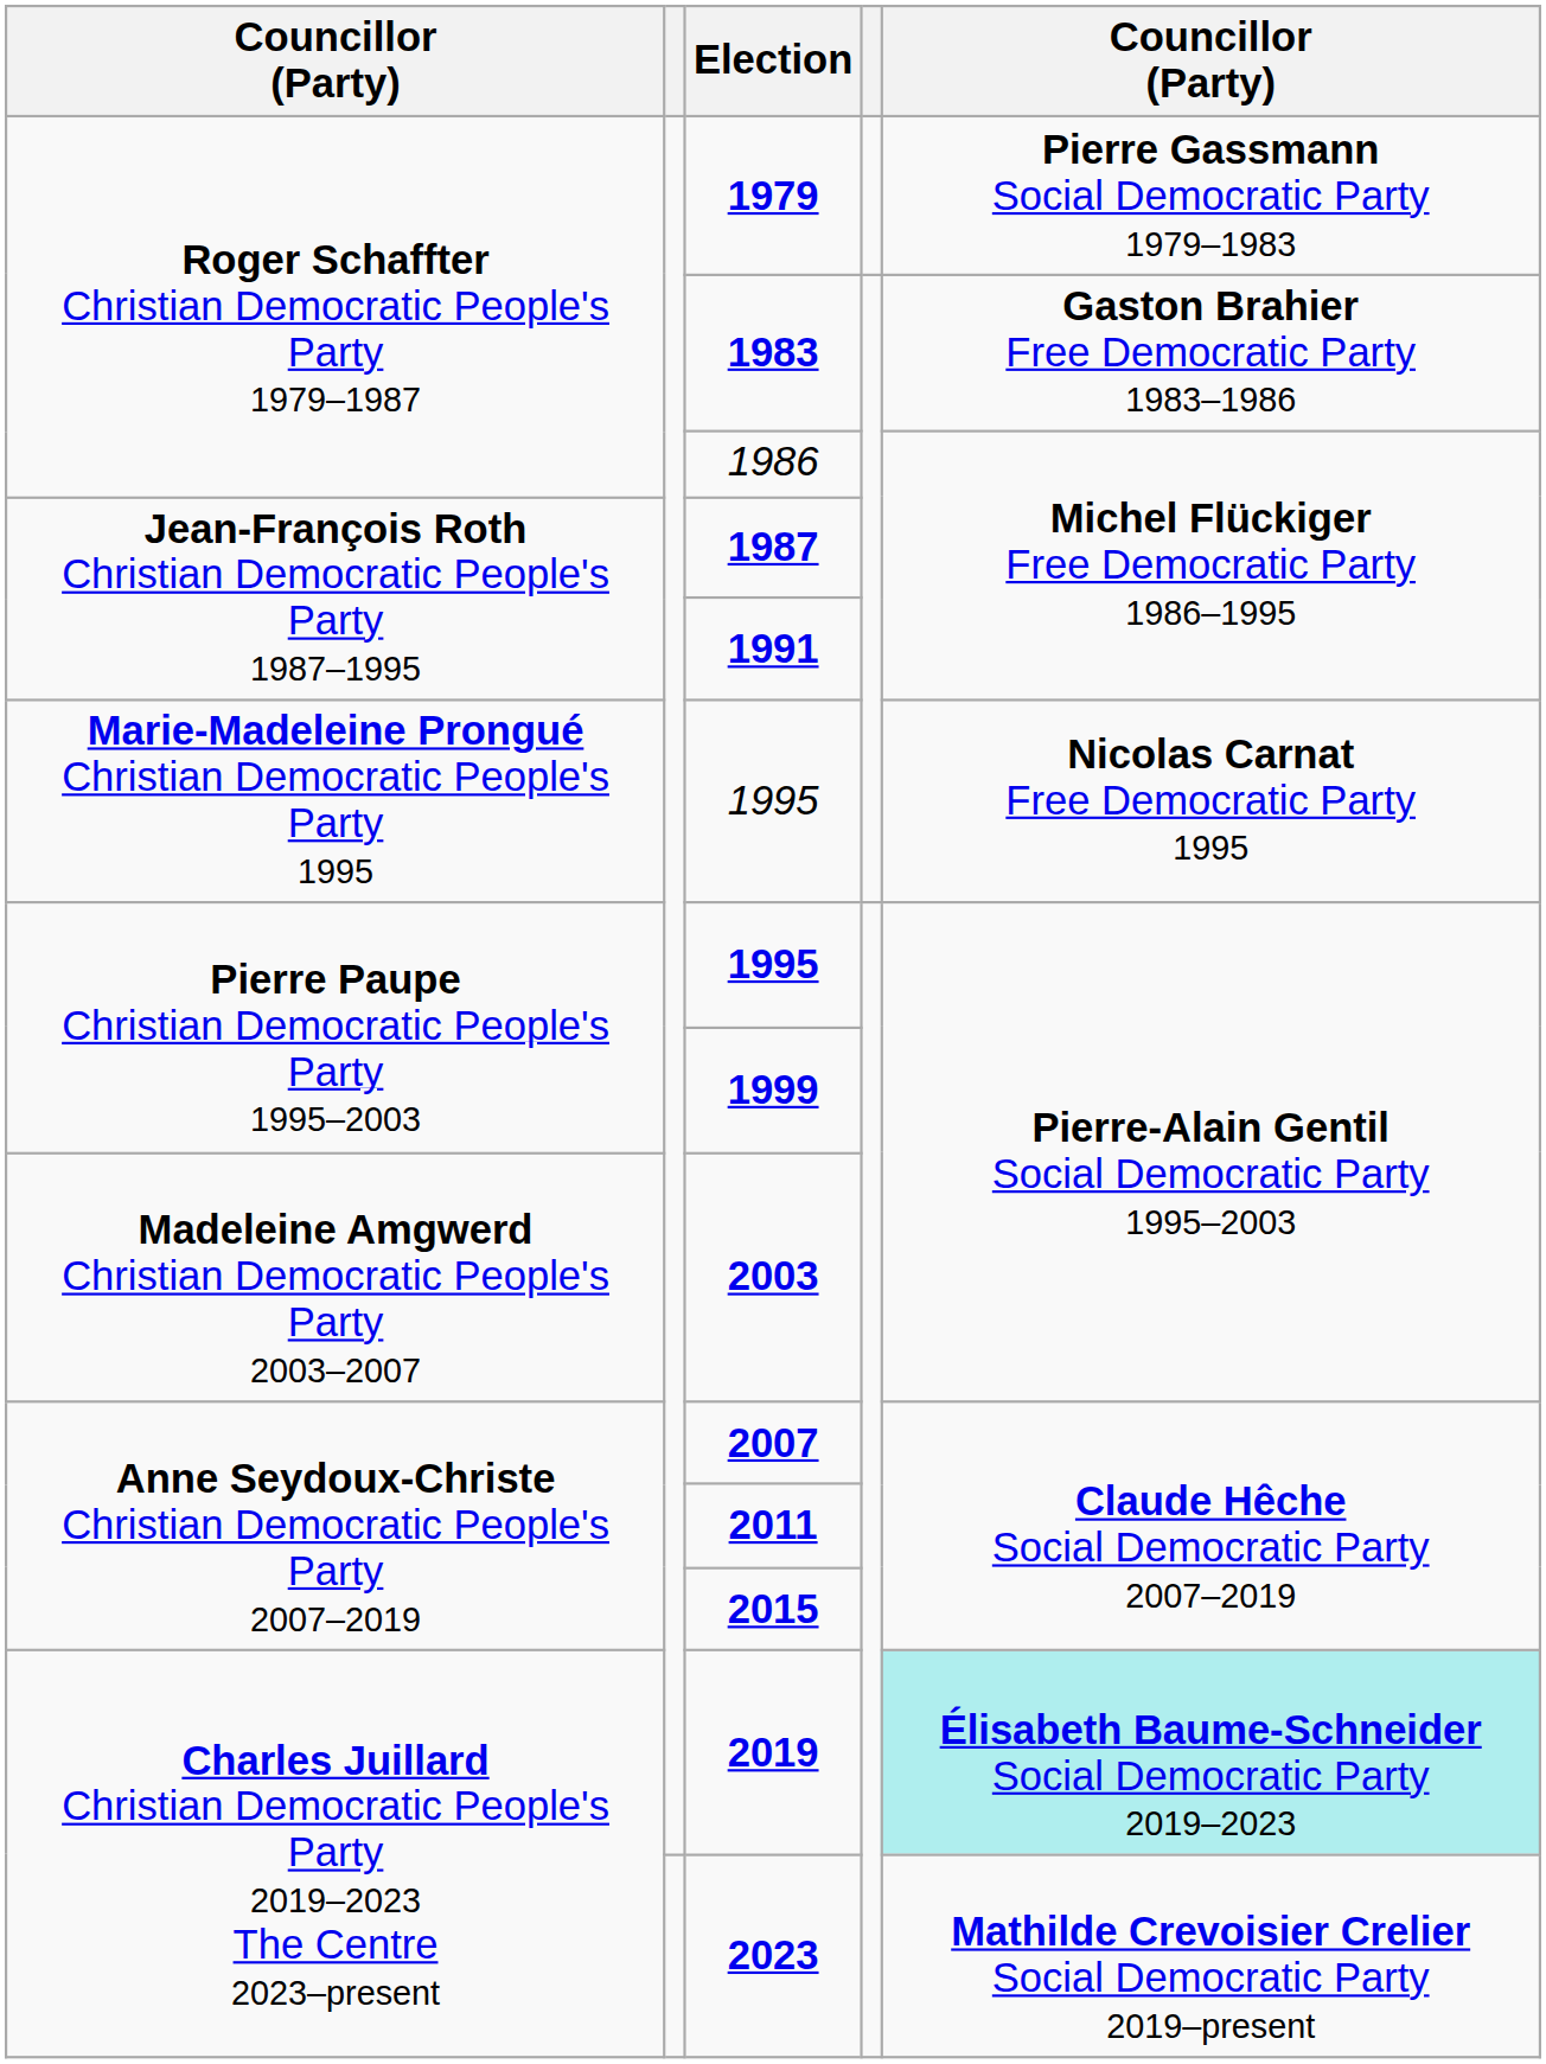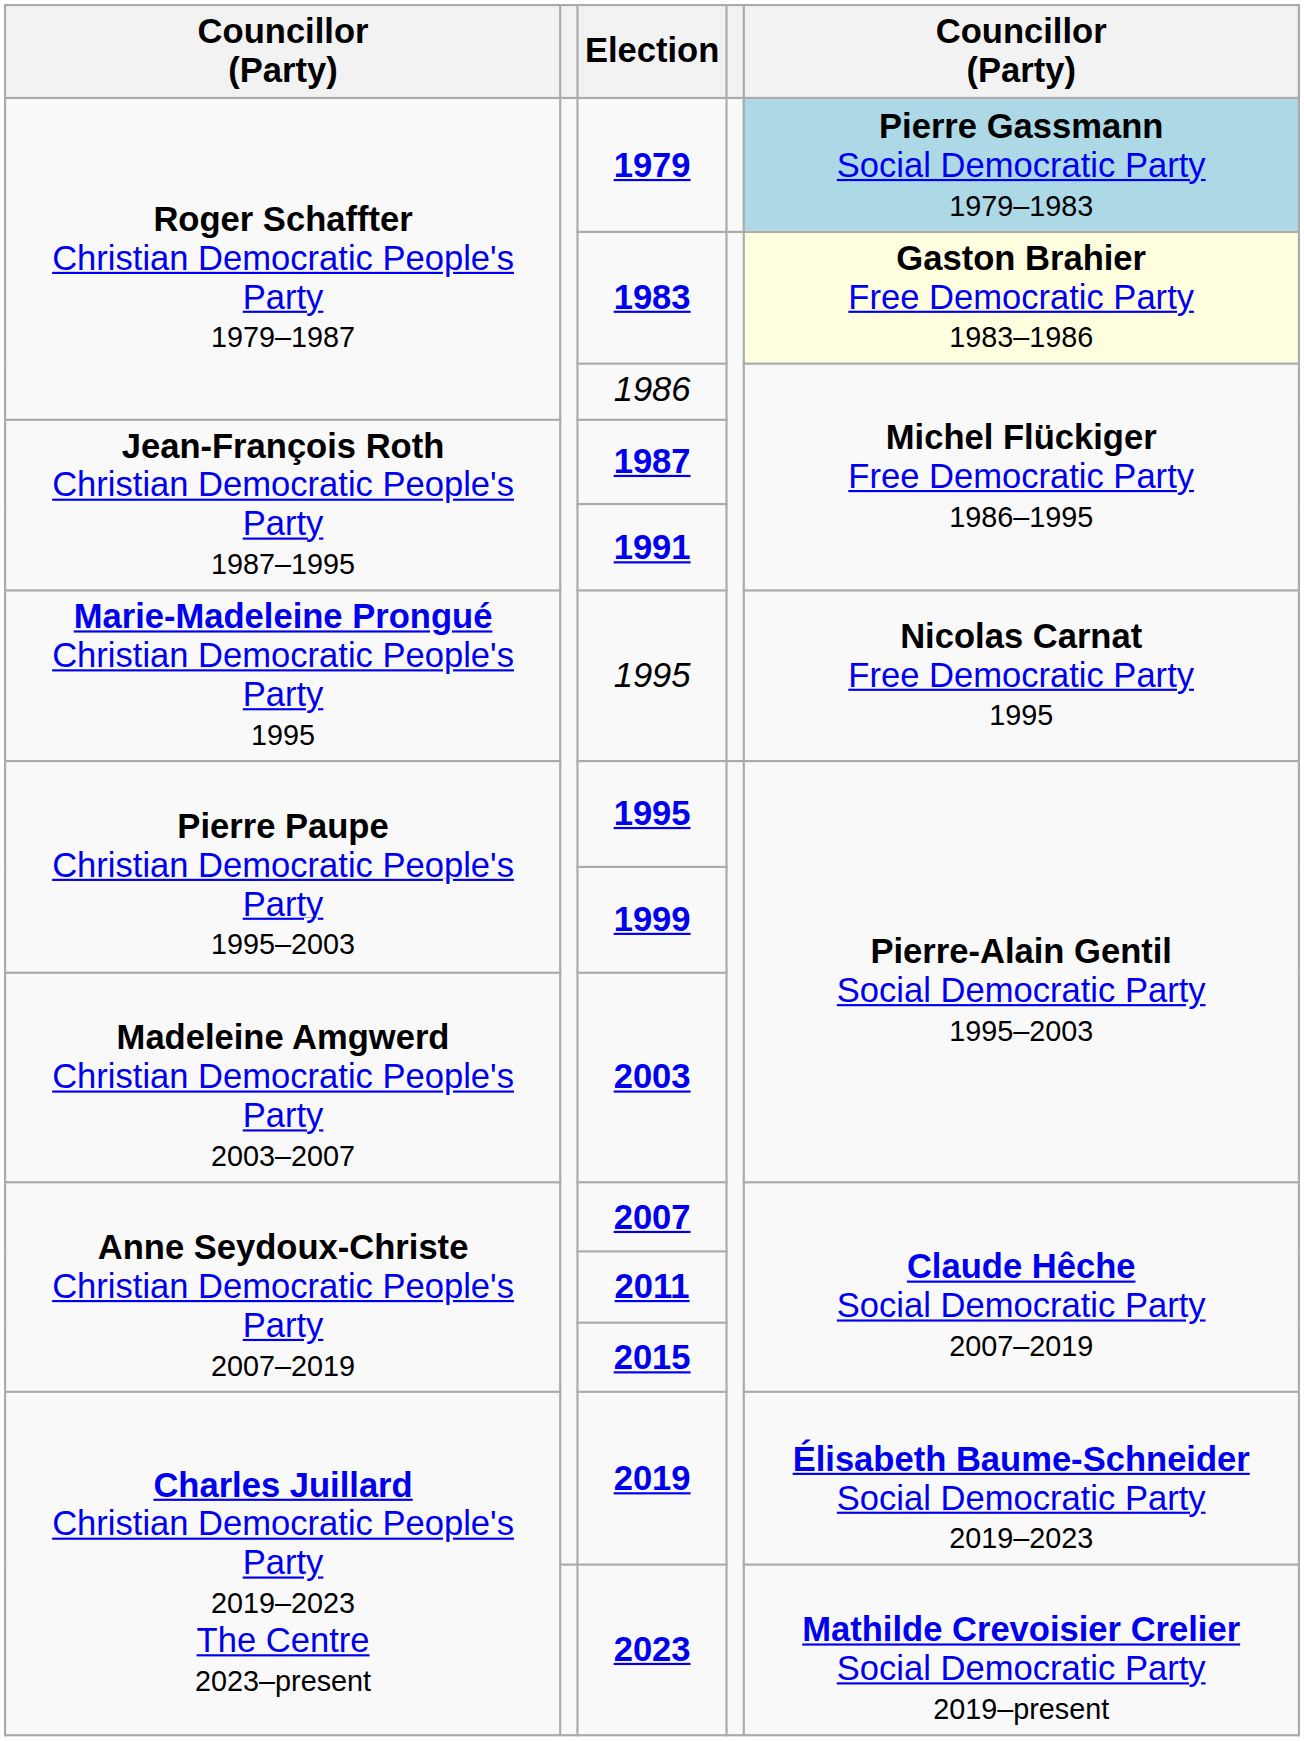 <table class="wikitable" style="text-align:center">
 <tr>
 <th scope="col" width="250" colspan = "1">Councillor<br> (Party)</th>
 <th></th>
 <th>Election</th>
 <th></th>
 <th scope="col" width="250" colspan = "1">Councillor<br> (Party)</th>
 </tr>
 <tr>
 <td rowspan=3><br><strong>Roger Schaffter</strong><br><a href='#'>Christian Democratic People's Party</a><br><small>1979–1987</small></td>
 <td rowspan=13; style="background-color: "></td>
 <td><strong><a href='#'>1979</a></strong></td>
 <td rowspan=1; style="background-color: "></td>
-<td rowspan=1><strong>Pierre Gassmann</strong><br><a href='#'>Social Democratic Party</a><br><small>1979–1983</small></td>
+<td rowspan=1 style="background: lightblue;"><strong>Pierre Gassmann</strong><br><a href='#'>Social Democratic Party</a><br><small>1979–1983</small></td>
 </tr>
 <tr>
 <td><strong><a href='#'>1983</a></strong></td>
 <td rowspan=5; style="background-color: "></td>
-<td rowspan=1><strong>Gaston Brahier</strong><br><a href='#'>Free Democratic Party</a><br><small>1983–1986</small></td>
+<td rowspan=1 style="background: lightyellow;"><strong>Gaston Brahier</strong><br><a href='#'>Free Democratic Party</a><br><small>1983–1986</small></td>
 </tr>
 <tr>
 <td><em>1986</em></td>
 <td rowspan=3><strong>Michel Flückiger</strong><br><a href='#'>Free Democratic Party</a><br><small>1986–1995</small></td>
 </tr>
 <tr>
 <td rowspan=2><strong>Jean-François Roth</strong><br><a href='#'>Christian Democratic People's Party</a><br><small>1987–1995</small></td>
 <td><strong><a href='#'>1987</a></strong></td>
 </tr>
 <tr>
 <td><strong><a href='#'>1991</a></strong></td>
 </tr>
 <tr>
 <td rowspan=1><strong><a href='#'>Marie-Madeleine Prongué</a></strong><br><a href='#'>Christian Democratic People's Party</a><br><small>1995</small></td>
 <td><em>1995</em></td>
 <td rowspan=1><strong>Nicolas Carnat</strong><br><a href='#'>Free Democratic Party</a><br><small>1995</small></td>
 </tr>
 <tr>
 <td rowspan=2><br><strong>Pierre Paupe</strong><br><a href='#'>Christian Democratic People's Party</a><br><small>1995–2003</small></td>
 <td><strong><a href='#'>1995</a></strong></td>
 <td rowspan=8; style="background-color: "></td>
 <td rowspan=3><br><strong>Pierre-Alain Gentil</strong><br><a href='#'>Social Democratic Party</a><br><small>1995–2003</small></td>
 </tr>
 <tr>
 <td><strong><a href='#'>1999</a></strong></td>
 </tr>
 <tr>
 <td rowspan=1><br><strong>Madeleine Amgwerd</strong><br><a href='#'>Christian Democratic People's Party</a><br><small>2003–2007</small></td>
 <td><strong><a href='#'>2003</a></strong></td>
 </tr>
 <tr>
 <td rowspan=3><br><strong>Anne Seydoux-Christe</strong><br><a href='#'>Christian Democratic People's Party</a><br><small>2007–2019</small></td>
 <td><strong><a href='#'>2007</a></strong></td>
 <td rowspan=3><br><strong><a href='#'>Claude Hêche</a></strong><br><a href='#'>Social Democratic Party</a><br><small>2007–2019</small></td>
 </tr>
 <tr>
 <td><strong><a href='#'>2011</a></strong></td>
 </tr>
 <tr>
 <td><strong><a href='#'>2015</a></strong></td>
 </tr>
 <tr>
 <td rowspan=2><br><strong><a href='#'>Charles Juillard</a></strong><br><a href='#'>Christian Democratic People's Party</a><br><small>2019–2023</small><br><a href='#'>The Centre</a><br><small>2023–present</small></td>
 <td><strong><a href='#'>2019</a></strong></td>
-<td rowspan=1 style="background: paleturquoise;"><br><strong><a href='#'>Élisabeth Baume-Schneider</a></strong><br><a href='#'>Social Democratic Party</a><br><small>2019–2023</small></td>
+<td rowspan=1><br><strong><a href='#'>Élisabeth Baume-Schneider</a></strong><br><a href='#'>Social Democratic Party</a><br><small>2019–2023</small></td>
 </tr>
 <tr>
 <td rowspan=1; style="background-color: "></td>
 <td><strong><a href='#'>2023</a></strong></td>
 <td rowspan=1><br><strong><a href='#'>Mathilde Crevoisier Crelier</a></strong><br><a href='#'>Social Democratic Party</a><br><small>2019–present</small></td>
 </tr>
 </table>
